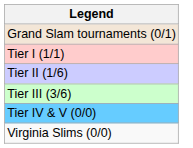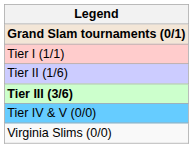 <table class="wikitable sortable mw-collapsible mw-collapsed">
 <tr>
 <th>Legend</th>
 </tr>
 <tr>
-<td style="background:#f3e6d7;">Grand Slam tournaments (0/1)</td>
+<td style="background:#f3e6d7;"><strong>Grand Slam tournaments (0/1)</strong></td>
 </tr>
 <tr>
 <td style="background:#fcc;">Tier I (1/1)</td>
 </tr>
 <tr>
 <td style="background:#ccf;">Tier II (1/6)</td>
 </tr>
 <tr>
-<td style="background:#cfc;">Tier III (3/6)</td>
+<td style="background:#cfc;"><strong>Tier III (3/6)</strong></td>
 </tr>
 <tr>
 <td style="background:#6cf;">Tier IV & V (0/0)</td>
 </tr>
 <tr>
 <td>Virginia Slims (0/0)</td>
 </tr>
 </table>
